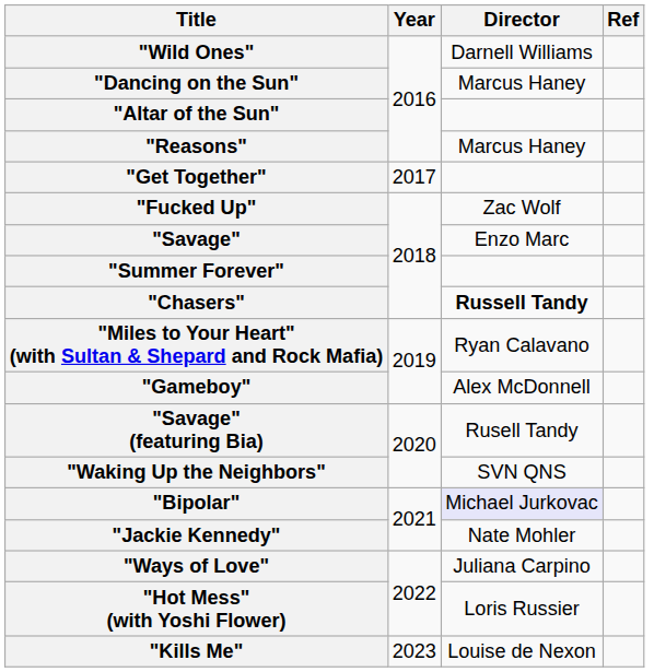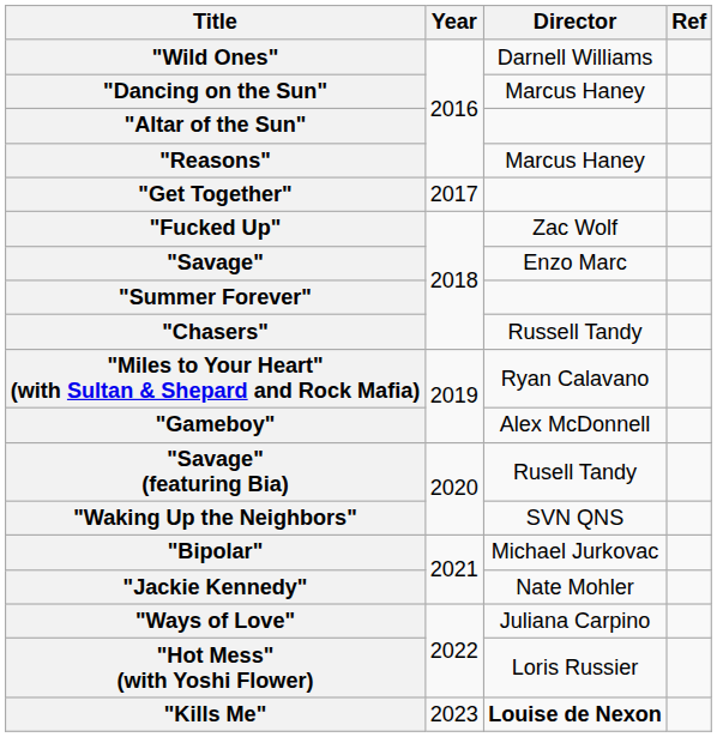 <table class="wikitable plainrowheaders" style="text-align:center;">
 <tr>
 <th scope="col">Title</th>
 <th scope="col">Year</th>
 <th scope="col">Director</th>
 <th scope="col">Ref</th>
 </tr>
 <tr>
 <th scope="row">"Wild Ones"</th>
 <td rowspan="4">2016</td>
 <td>Darnell Williams</td>
 <td></td>
 </tr>
 <tr>
 <th scope="row">"Dancing on the Sun"</th>
 <td>Marcus Haney</td>
 <td></td>
 </tr>
 <tr>
 <th scope="row">"Altar of the Sun"</th>
 <td></td>
 <td></td>
 </tr>
 <tr>
 <th scope="row">"Reasons"</th>
 <td>Marcus Haney</td>
 <td></td>
 </tr>
 <tr>
 <th scope="row">"Get Together"</th>
 <td rowspan="1">2017</td>
 <td></td>
 <td></td>
 </tr>
 <tr>
 <th scope="row">"Fucked Up"</th>
 <td rowspan="4">2018</td>
 <td>Zac Wolf</td>
 <td></td>
 </tr>
 <tr>
 <th scope="row">"Savage"</th>
 <td>Enzo Marc</td>
 <td></td>
 </tr>
 <tr>
 <th scope="row">"Summer Forever"</th>
 <td></td>
 <td></td>
 </tr>
 <tr>
 <th scope="row">"Chasers"</th>
-<td><strong>Russell Tandy</strong></td>
+<td>Russell Tandy</td>
 <td></td>
 </tr>
 <tr>
 <th scope="row">"Miles to Your Heart"<br><span>(with <a href='#'>Sultan & Shepard</a> and Rock Mafia)</span></th>
 <td rowspan="2">2019</td>
 <td>Ryan Calavano</td>
 <td></td>
 </tr>
 <tr>
 <th scope="row">"Gameboy"</th>
 <td>Alex McDonnell</td>
 <td></td>
 </tr>
 <tr>
 <th scope="row">"Savage"<br><span>(featuring Bia)</span></th>
 <td rowspan="2">2020</td>
 <td>Rusell Tandy</td>
 <td></td>
 </tr>
 <tr>
 <th scope="row">"Waking Up the Neighbors"</th>
 <td>SVN QNS</td>
 <td></td>
 </tr>
 <tr>
 <th scope="row">"Bipolar"</th>
 <td rowspan="2">2021</td>
-<td style="background: lavender;">Michael Jurkovac</td>
+<td>Michael Jurkovac</td>
 <td></td>
 </tr>
 <tr>
 <th scope="row">"Jackie Kennedy"</th>
 <td>Nate Mohler</td>
 <td></td>
 </tr>
 <tr>
 <th scope="row">"Ways of Love"</th>
 <td rowspan="2">2022</td>
 <td>Juliana Carpino</td>
 <td></td>
 </tr>
 <tr>
 <th scope="row">"Hot Mess"<br><span>(with Yoshi Flower)</span></th>
 <td>Loris Russier</td>
 <td></td>
 </tr>
 <tr>
 <th scope="row">"Kills Me"</th>
 <td>2023</td>
-<td>Louise de Nexon</td>
+<td><strong>Louise de Nexon</strong></td>
 <td></td>
 </tr>
 </table>
